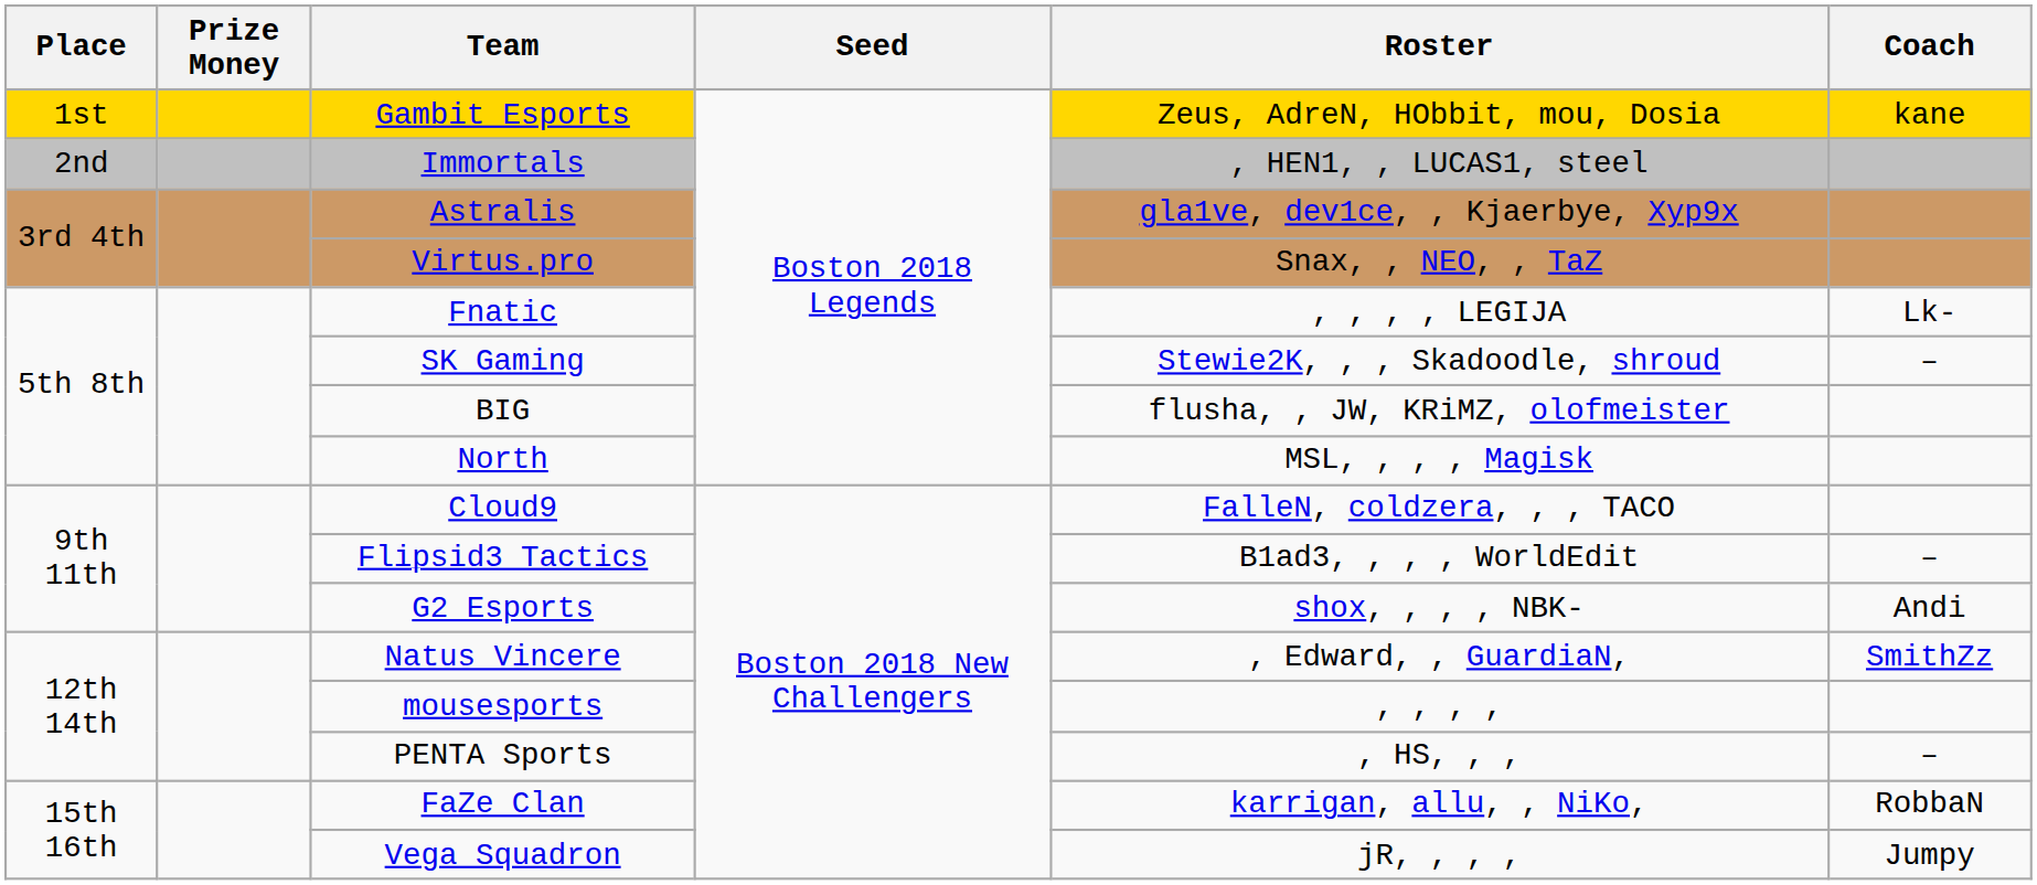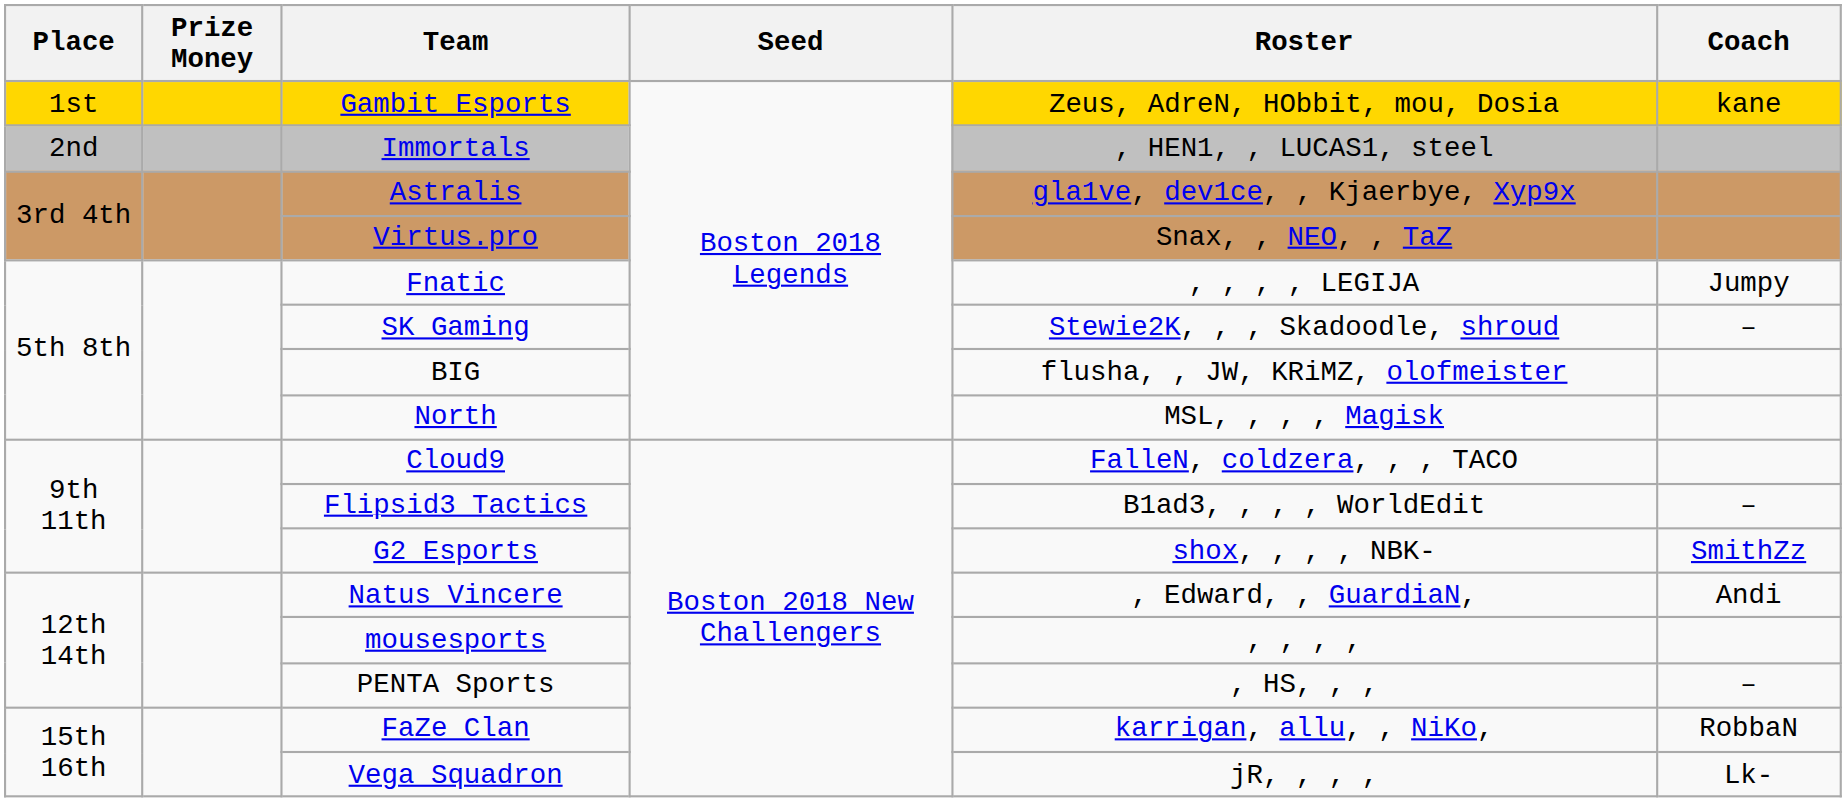 <table class="wikitable" style="text-align:center">
 <tr>
 <th width="73px">Place</th>
 <th width="75">Prize Money</th>
 <th width="210">Team</th>
 <th width="190px">Seed</th>
 <th width="500px">Roster</th>
 <th width="100">Coach</th>
 </tr>
 <tr>
 <td style="text-align:center; background:gold;">1st</td>
 <td style="text-align:center; background:gold;"></td>
 <td style="text-align:center; background:gold;"><a href='#'>Gambit Esports</a></td>
 <td rowspan="8"><a href='#'>Boston 2018 Legends</a></td>
 <td style="text-align:center; background:gold;">Zeus,  AdreN,  HObbit,  mou,  Dosia</td>
 <td style="text-align:center; background:gold;">kane</td>
 </tr>
 <tr>
 <td style="text-align:center; background:silver;">2nd</td>
 <td style="text-align:center; background:silver;"></td>
 <td style="text-align:center; background:silver;"><a href='#'>Immortals</a></td>
 <td style="text-align:center; background:silver;">,  HEN1,  ,  LUCAS1,  steel</td>
 <td style="text-align:center; background:silver;"></td>
 </tr>
 <tr>
 <td style="text-align:center; background:#c96;" rowspan="2">3rd  4th</td>
 <td style="text-align:center; background:#c96;" rowspan="2"></td>
 <td style="text-align:center; background:#c96;"><a href='#'>Astralis</a></td>
 <td style="text-align:center; background:#c96;"><a href='#'>gla1ve</a>,  <a href='#'>dev1ce</a>,  ,  Kjaerbye,  <a href='#'>Xyp9x</a></td>
 <td style="text-align:center; background:#c96;"></td>
 </tr>
 <tr>
 <td style="text-align:center; background:#c96;"><a href='#'>Virtus.pro</a></td>
 <td style="text-align:center; background:#c96;">Snax,  ,  <a href='#'>NEO</a>,  ,  <a href='#'>TaZ</a></td>
 <td style="text-align:center; background:#c96;"></td>
 </tr>
 <tr>
 <td rowspan="4">5th  8th</td>
 <td rowspan="4"></td>
 <td><a href='#'>Fnatic</a></td>
 <td>,  ,  ,  ,  LEGIJA</td>
-<td>Lk-</td>
+<td>Jumpy</td>
 </tr>
 <tr>
 <td><a href='#'>SK Gaming</a></td>
 <td><a href='#'>Stewie2K</a>,  ,  ,  Skadoodle,  <a href='#'>shroud</a></td>
 <td>–</td>
 </tr>
 <tr>
 <td>BIG</td>
 <td>flusha,  ,  JW,  KRiMZ,  <a href='#'>olofmeister</a></td>
 <td></td>
 </tr>
 <tr>
 <td><a href='#'>North</a></td>
 <td>MSL,  ,  ,  ,  <a href='#'>Magisk</a></td>
 <td></td>
 </tr>
 <tr>
 <td rowspan="3">9th  11th</td>
 <td rowspan="3"></td>
 <td><a href='#'>Cloud9</a></td>
 <td rowspan="8"><a href='#'>Boston 2018 New Challengers</a></td>
 <td><a href='#'>FalleN</a>,  <a href='#'>coldzera</a>,  ,  ,  TACO</td>
 <td></td>
 </tr>
 <tr>
 <td><a href='#'>Flipsid3 Tactics</a></td>
 <td>B1ad3,  ,  ,  ,  WorldEdit</td>
 <td>–</td>
 </tr>
 <tr>
 <td><a href='#'>G2 Esports</a></td>
 <td><a href='#'>shox</a>,  ,  ,  ,  NBK-</td>
-<td>Andi</td>
+<td><a href='#'>SmithZz</a></td>
 </tr>
 <tr>
 <td rowspan="3">12th  14th</td>
 <td rowspan="3"></td>
 <td><a href='#'>Natus Vincere</a></td>
 <td>,  Edward,  ,  <a href='#'>GuardiaN</a>,  </td>
-<td><a href='#'>SmithZz</a></td>
+<td>Andi</td>
 </tr>
 <tr>
 <td><a href='#'>mousesports</a></td>
 <td>,  ,  ,  ,  </td>
 <td></td>
 </tr>
 <tr>
 <td>PENTA Sports</td>
 <td>,  HS,  ,  ,  </td>
 <td>–</td>
 </tr>
 <tr>
 <td rowspan="2">15th  16th</td>
 <td rowspan="2"></td>
 <td><a href='#'>FaZe Clan</a></td>
 <td><a href='#'>karrigan</a>,  <a href='#'>allu</a>,  ,  <a href='#'>NiKo</a>,  </td>
 <td>RobbaN</td>
 </tr>
 <tr>
 <td><a href='#'>Vega Squadron</a></td>
 <td>jR,  ,  ,  ,  </td>
-<td>Jumpy</td>
+<td>Lk-</td>
 </tr>
 </table>
